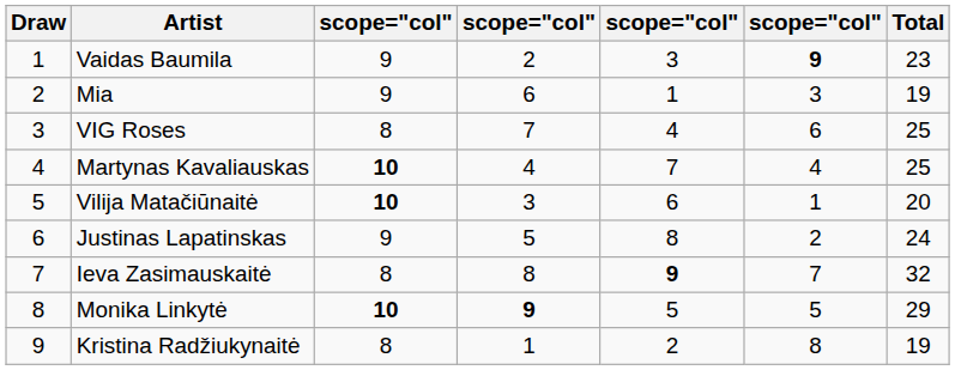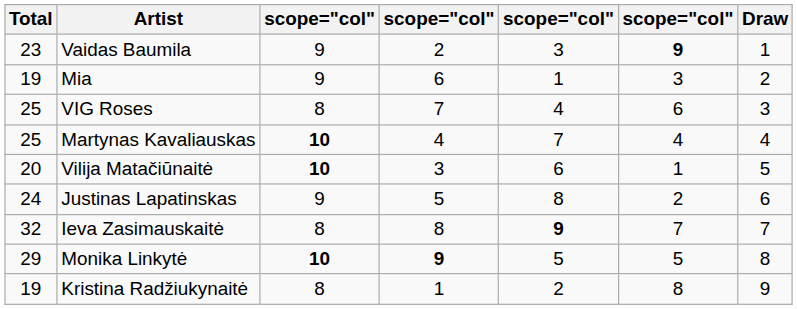 <table class="wikitable collapsible" style="margin: 1em auto 1em auto; text-align:center;">
 <tr>
-<th>Draw</th>
+<th>Total</th>
 <th>Artist</th>
 <th>scope="col" </th>
 <th>scope="col" </th>
 <th>scope="col" </th>
 <th>scope="col" </th>
-<th>Total</th>
+<th>Draw</th>
 </tr>
 <tr>
-<td>1</td>
+<td>23</td>
 <td align="left">Vaidas Baumila</td>
 <td>9</td>
 <td>2</td>
 <td>3</td>
 <td><strong>9</strong></td>
-<td>23</td>
+<td>1</td>
 </tr>
 <tr>
-<td>2</td>
+<td>19</td>
 <td align="left">Mia</td>
 <td>9</td>
 <td>6</td>
 <td>1</td>
 <td>3</td>
-<td>19</td>
+<td>2</td>
 </tr>
 <tr>
-<td>3</td>
+<td>25</td>
 <td align="left">VIG Roses</td>
 <td>8</td>
 <td>7</td>
 <td>4</td>
 <td>6</td>
-<td>25</td>
+<td>3</td>
 </tr>
 <tr>
-<td>4</td>
+<td>25</td>
 <td align="left">Martynas Kavaliauskas</td>
 <td><strong>10</strong></td>
 <td>4</td>
 <td>7</td>
 <td>4</td>
-<td>25</td>
+<td>4</td>
 </tr>
 <tr>
-<td>5</td>
+<td>20</td>
 <td align="left">Vilija Matačiūnaitė</td>
 <td><strong>10</strong></td>
 <td>3</td>
 <td>6</td>
 <td>1</td>
-<td>20</td>
+<td>5</td>
 </tr>
 <tr>
-<td>6</td>
+<td>24</td>
 <td align="left">Justinas Lapatinskas</td>
 <td>9</td>
 <td>5</td>
 <td>8</td>
 <td>2</td>
-<td>24</td>
+<td>6</td>
 </tr>
 <tr>
-<td>7</td>
+<td>32</td>
 <td align="left">Ieva Zasimauskaitė</td>
 <td>8</td>
 <td>8</td>
 <td><strong>9</strong></td>
 <td>7</td>
-<td>32</td>
+<td>7</td>
 </tr>
 <tr>
-<td>8</td>
+<td>29</td>
 <td align="left">Monika Linkytė</td>
 <td><strong>10</strong></td>
 <td><strong>9</strong></td>
 <td>5</td>
 <td>5</td>
-<td>29</td>
+<td>8</td>
 </tr>
 <tr>
-<td>9</td>
+<td>19</td>
 <td align="left">Kristina Radžiukynaitė</td>
 <td>8</td>
 <td>1</td>
 <td>2</td>
 <td>8</td>
-<td>19</td>
+<td>9</td>
 </tr>
 </table>
